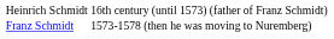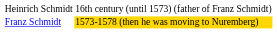 <table>
 <tr>
 <td>Heinrich Schmidt</td>
 <td>16th century (until 1573) (father of Franz Schmidt)</td>
 </tr>
 <tr>
 <td><a href='#'>Franz Schmidt</a></td>
-<td>1573-1578 (then he was moving to Nuremberg)</td>
+<td style="background: gold;">1573-1578 (then he was moving to Nuremberg)</td>
 </tr>
 </table>
